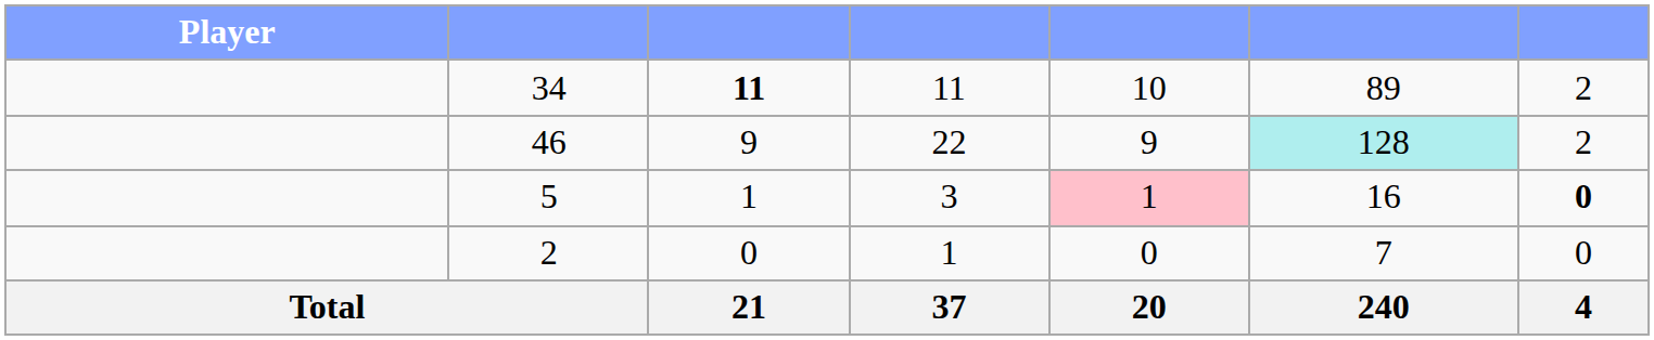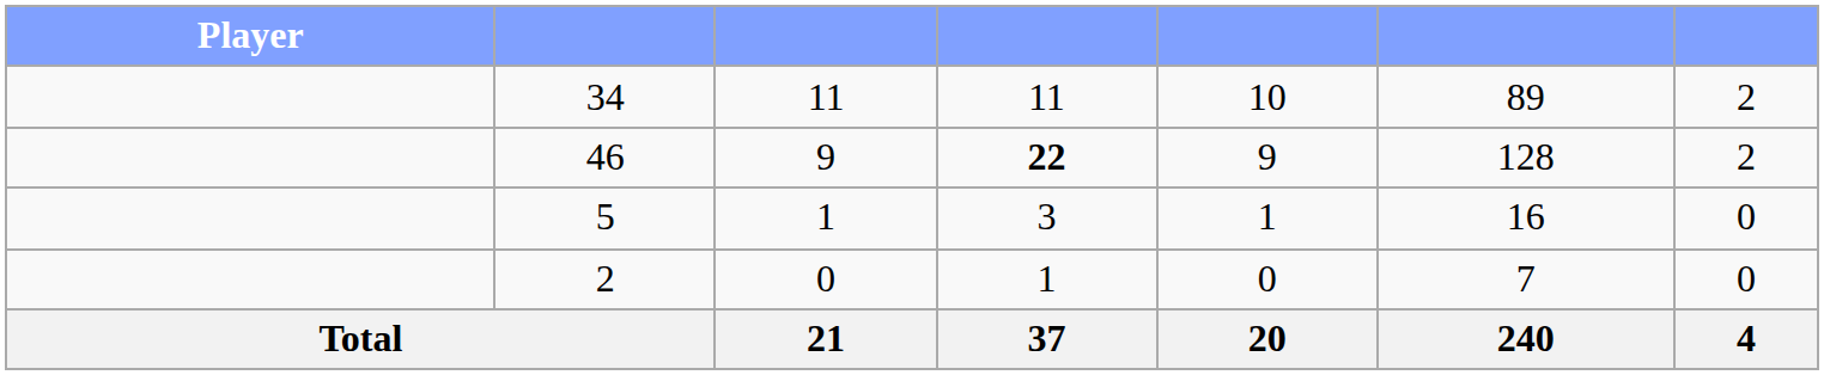 <table class="wikitable sortable" style="width:60%; text-align:center;">
 <tr>
 <th style="color:white; background:#80A0FF; ">Player</th>
 <th style="color:white; background:#80A0FF; "></th>
 <th style="color:white; background:#80A0FF; "></th>
 <th style="color:white; background:#80A0FF; "></th>
 <th style="color:white; background:#80A0FF; "></th>
 <th style="color:white; background:#80A0FF; "></th>
 <th style="color:white; background:#80A0FF; "></th>
 </tr>
 <tr>
 <td></td>
 <td>34</td>
-<td><strong>11</strong></td>
+<td>11</td>
 <td>11</td>
 <td>10</td>
 <td>89</td>
 <td>2</td>
 </tr>
 <tr>
 <td></td>
 <td>46</td>
 <td>9</td>
-<td>22</td>
+<td><strong>22</strong></td>
 <td>9</td>
-<td style="background: paleturquoise;">128</td>
+<td>128</td>
 <td>2</td>
 </tr>
 <tr>
 <td></td>
 <td>5</td>
 <td>1</td>
 <td>3</td>
-<td style="background: pink;">1</td>
+<td>1</td>
 <td>16</td>
-<td><strong>0</strong></td>
+<td>0</td>
 </tr>
 <tr>
 <td></td>
 <td>2</td>
 <td>0</td>
 <td>1</td>
 <td>0</td>
 <td>7</td>
 <td>0</td>
 </tr>
 <tr class="sortbottom">
 <th colspan=2>Total</th>
 <th>21</th>
 <th>37</th>
 <th>20</th>
 <th>240</th>
 <th>4</th>
 </tr>
 </table>
